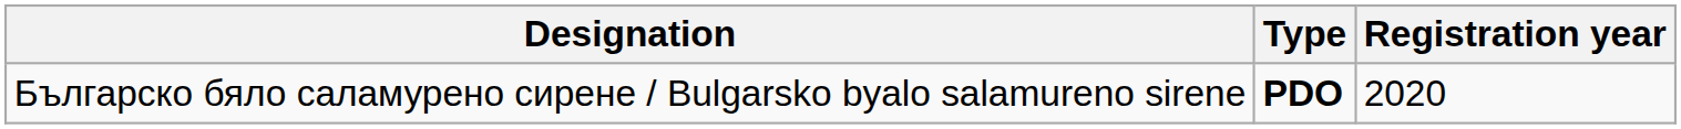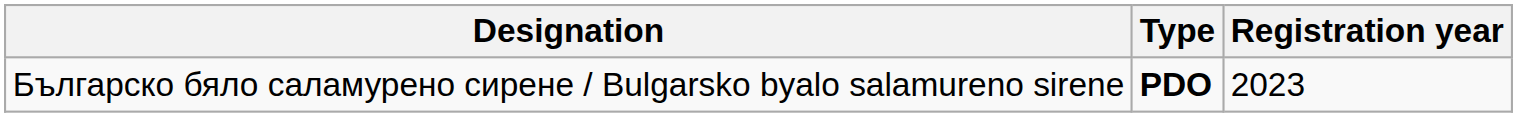 <table class="wikitable">
 <tr>
 <th>Designation</th>
 <th>Type</th>
 <th>Registration year</th>
 </tr>
 <tr>
 <td>Българско бяло саламурено сирене / Bulgarsko byalo salamureno sirene</td>
 <td><strong>PDO</strong></td>
-<td>2020</td>
+<td>2023</td>
 </tr>
 </table>
